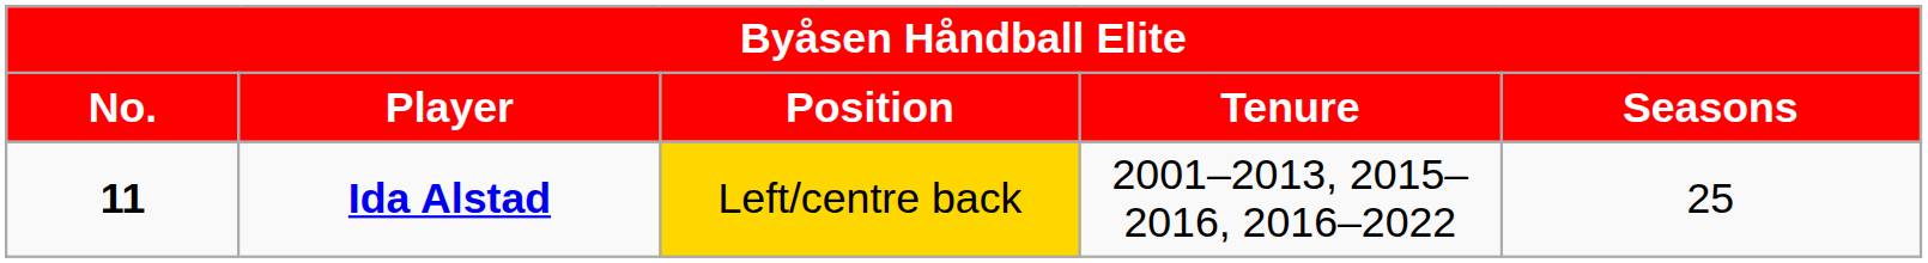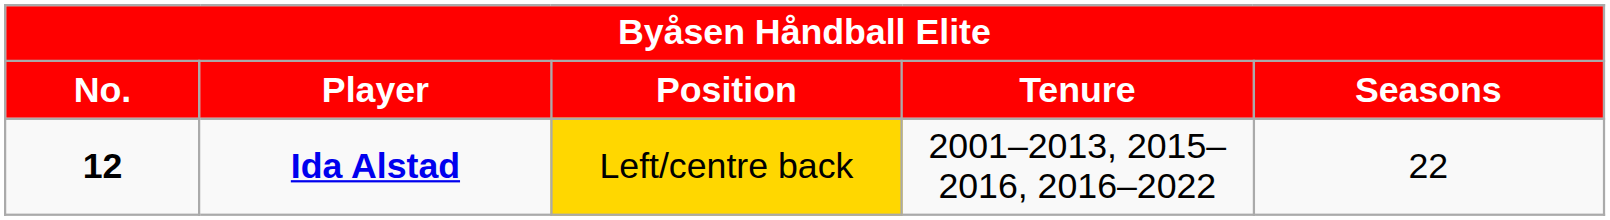 <table class="wikitable sortable" style="text-align:center">
 <tr>
 <td colspan="7" style="background: red; color: white"><strong>Byåsen Håndball Elite</strong></td>
 </tr>
 <tr>
 <th style="width:80px; background:red; color:white;">No.</th>
 <th style="width:150px; background:red; color:white;">Player</th>
 <th style="width:150px; background:red; color:white;">Position</th>
 <th style="width:150px; background:red; color:white;">Tenure</th>
 <th style="width:150px; background:red; color:white;">Seasons</th>
 </tr>
 <tr>
-<td><strong>11</strong></td>
+<td><strong>12</strong></td>
 <td> <strong><a href='#'>Ida Alstad</a></strong></td>
 <td style="background: gold;">Left/centre back</td>
 <td>2001–2013, 2015–2016, 2016–2022</td>
-<td>25</td>
+<td>22</td>
 </tr>
 </table>
